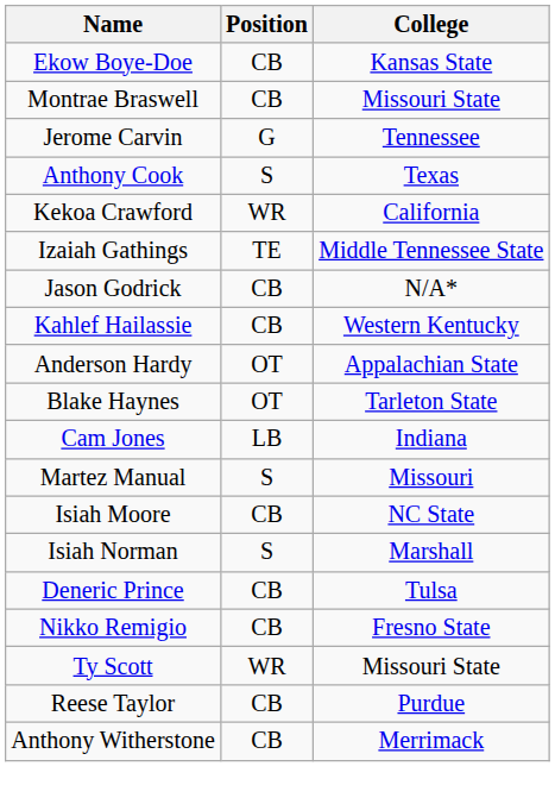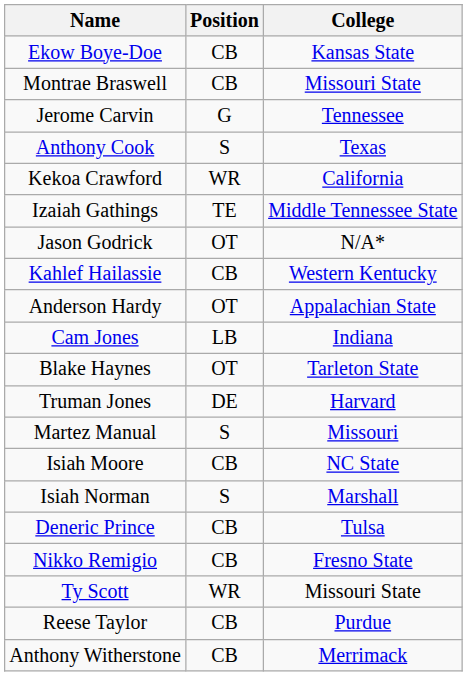 <table class="wikitable" style="text-align:center">
 <tr>
 <th>Name</th>
 <th>Position</th>
 <th>College</th>
 </tr>
 <tr>
 <td><a href='#'>Ekow Boye-Doe</a></td>
 <td>CB</td>
 <td><a href='#'>Kansas State</a></td>
 </tr>
 <tr>
 <td>Montrae Braswell</td>
 <td>CB</td>
 <td><a href='#'>Missouri State</a></td>
 </tr>
 <tr>
 <td>Jerome Carvin</td>
 <td>G</td>
 <td><a href='#'>Tennessee</a></td>
 </tr>
 <tr>
 <td><a href='#'>Anthony Cook</a></td>
 <td>S</td>
 <td><a href='#'>Texas</a></td>
 </tr>
 <tr>
 <td>Kekoa Crawford</td>
 <td>WR</td>
 <td><a href='#'>California</a></td>
 </tr>
 <tr>
 <td>Izaiah Gathings</td>
 <td>TE</td>
 <td><a href='#'>Middle Tennessee State</a></td>
 </tr>
 <tr>
 <td>Jason Godrick</td>
-<td>CB</td>
+<td>OT</td>
 <td>N/A*</td>
 </tr>
 <tr>
 <td><a href='#'>Kahlef Hailassie</a></td>
 <td>CB</td>
 <td><a href='#'>Western Kentucky</a></td>
 </tr>
 <tr>
 <td>Anderson Hardy</td>
 <td>OT</td>
 <td><a href='#'>Appalachian State</a></td>
 </tr>
 <tr>
+<td><a href='#'>Cam Jones</a></td>
+<td>LB</td>
+<td><a href='#'>Indiana</a></td>
+</tr>
+<tr>
 <td>Blake Haynes</td>
 <td>OT</td>
 <td><a href='#'>Tarleton State</a></td>
 </tr>
 <tr>
-<td><a href='#'>Cam Jones</a></td>
-<td>LB</td>
-<td><a href='#'>Indiana</a></td>
+<td>Truman Jones</td>
+<td>DE</td>
+<td><a href='#'>Harvard</a></td>
 </tr>
 <tr>
 <td>Martez Manual</td>
 <td>S</td>
 <td><a href='#'>Missouri</a></td>
 </tr>
 <tr>
 <td>Isiah Moore</td>
 <td>CB</td>
 <td><a href='#'>NC State</a></td>
 </tr>
 <tr>
 <td>Isiah Norman</td>
 <td>S</td>
 <td><a href='#'>Marshall</a></td>
 </tr>
 <tr>
 <td><a href='#'>Deneric Prince</a></td>
 <td>CB</td>
 <td><a href='#'>Tulsa</a></td>
 </tr>
 <tr>
 <td><a href='#'>Nikko Remigio</a></td>
 <td>CB</td>
 <td><a href='#'>Fresno State</a></td>
 </tr>
 <tr>
 <td><a href='#'>Ty Scott</a></td>
 <td>WR</td>
 <td>Missouri State</td>
 </tr>
 <tr>
 <td>Reese Taylor</td>
 <td>CB</td>
 <td><a href='#'>Purdue</a></td>
 </tr>
 <tr>
 <td>Anthony Witherstone</td>
 <td>CB</td>
 <td><a href='#'>Merrimack</a></td>
 </tr>
 </table>
